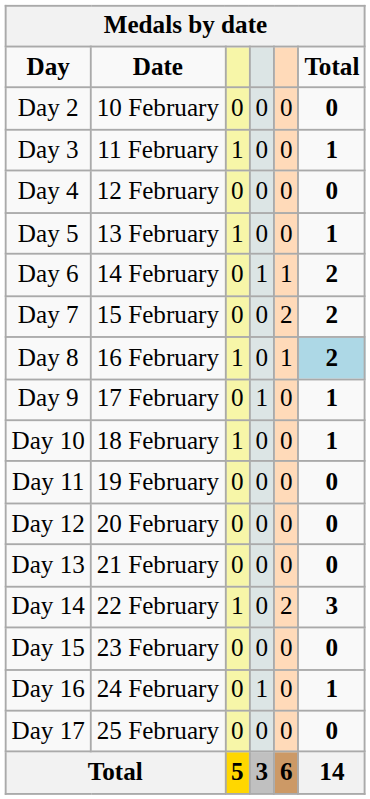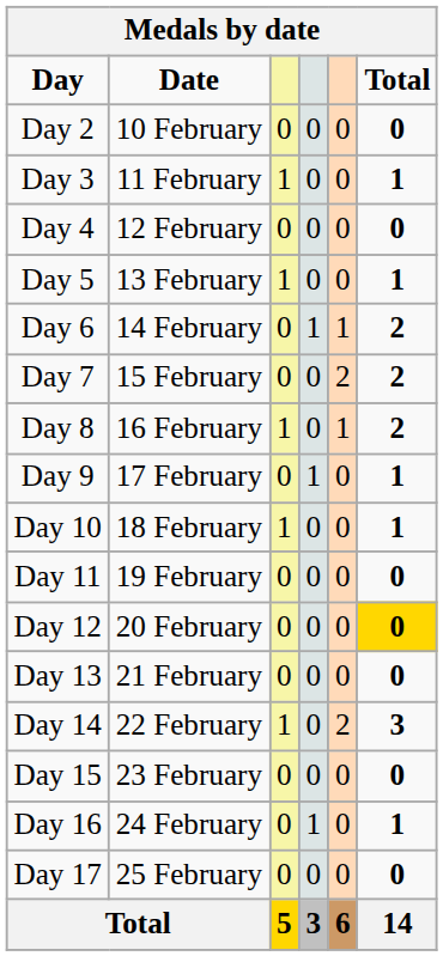 <table class=wikitable style="font-size:85%;float:right">
 <tr bgcolor=efefef>
 <th colspan=6><strong>Medals by date</strong></th>
 </tr>
 <tr align=center>
 <td><strong>Day</strong></td>
 <td><strong>Date</strong></td>
 <td bgcolor=#f7f6a8></td>
 <td bgcolor=#dce5e5></td>
 <td bgcolor=#ffdab9></td>
 <td><strong>Total</strong></td>
 </tr>
 <tr align=center>
 <td>Day 2</td>
 <td>10 February</td>
 <td bgcolor=F7F6A8>0</td>
 <td bgcolor=DCE5E5>0</td>
 <td bgcolor=FFDAB9>0</td>
 <td><strong>0</strong></td>
 </tr>
 <tr align=center>
 <td>Day 3</td>
 <td>11 February</td>
 <td bgcolor=F7F6A8>1</td>
 <td bgcolor=DCE5E5>0</td>
 <td bgcolor=FFDAB9>0</td>
 <td><strong>1</strong></td>
 </tr>
 <tr align=center>
 <td>Day 4</td>
 <td>12 February</td>
 <td bgcolor=F7F6A8>0</td>
 <td bgcolor=DCE5E5>0</td>
 <td bgcolor=FFDAB9>0</td>
 <td><strong>0</strong></td>
 </tr>
 <tr align=center>
 <td>Day 5</td>
 <td>13 February</td>
 <td bgcolor=F7F6A8>1</td>
 <td bgcolor=DCE5E5>0</td>
 <td bgcolor=FFDAB9>0</td>
 <td><strong>1</strong></td>
 </tr>
 <tr align=center>
 <td>Day 6</td>
 <td>14 February</td>
 <td bgcolor=F7F6A8>0</td>
 <td bgcolor=DCE5E5>1</td>
 <td bgcolor=FFDAB9>1</td>
 <td><strong>2</strong></td>
 </tr>
 <tr align=center>
 <td>Day 7</td>
 <td>15 February</td>
 <td bgcolor=F7F6A8>0</td>
 <td bgcolor=DCE5E5>0</td>
 <td bgcolor=FFDAB9>2</td>
 <td><strong>2</strong></td>
 </tr>
 <tr align=center>
 <td>Day 8</td>
 <td>16 February</td>
 <td bgcolor=F7F6A8>1</td>
 <td bgcolor=DCE5E5>0</td>
 <td bgcolor=FFDAB9>1</td>
-<td style="background: lightblue;"><strong>2</strong></td>
+<td><strong>2</strong></td>
 </tr>
 <tr align=center>
 <td>Day 9</td>
 <td>17 February</td>
 <td bgcolor=F7F6A8>0</td>
 <td bgcolor=DCE5E5>1</td>
 <td bgcolor=FFDAB9>0</td>
 <td><strong>1</strong></td>
 </tr>
 <tr align=center>
 <td>Day 10</td>
 <td>18 February</td>
 <td bgcolor=F7F6A8>1</td>
 <td bgcolor=DCE5E5>0</td>
 <td bgcolor=FFDAB9>0</td>
 <td><strong>1</strong></td>
 </tr>
 <tr align=center>
 <td>Day 11</td>
 <td>19 February</td>
 <td bgcolor=F7F6A8>0</td>
 <td bgcolor=DCE5E5>0</td>
 <td bgcolor=FFDAB9>0</td>
 <td><strong>0</strong></td>
 </tr>
 <tr align=center>
 <td>Day 12</td>
 <td>20 February</td>
 <td bgcolor=F7F6A8>0</td>
 <td bgcolor=DCE5E5>0</td>
 <td bgcolor=FFDAB9>0</td>
-<td><strong>0</strong></td>
+<td style="background: gold;"><strong>0</strong></td>
 </tr>
 <tr align=center>
 <td>Day 13</td>
 <td>21 February</td>
 <td bgcolor=F7F6A8>0</td>
 <td bgcolor=DCE5E5>0</td>
 <td bgcolor=FFDAB9>0</td>
 <td><strong>0</strong></td>
 </tr>
 <tr align=center>
 <td>Day 14</td>
 <td>22 February</td>
 <td bgcolor=F7F6A8>1</td>
 <td bgcolor=DCE5E5>0</td>
 <td bgcolor=FFDAB9>2</td>
 <td><strong>3</strong></td>
 </tr>
 <tr align=center>
 <td>Day 15</td>
 <td>23 February</td>
 <td bgcolor=F7F6A8>0</td>
 <td bgcolor=DCE5E5>0</td>
 <td bgcolor=FFDAB9>0</td>
 <td><strong>0</strong></td>
 </tr>
 <tr align=center>
 <td>Day 16</td>
 <td>24 February</td>
 <td bgcolor=F7F6A8>0</td>
 <td bgcolor=DCE5E5>1</td>
 <td bgcolor=FFDAB9>0</td>
 <td><strong>1</strong></td>
 </tr>
 <tr align=center>
 <td>Day 17</td>
 <td>25 February</td>
 <td bgcolor=F7F6A8>0</td>
 <td bgcolor=DCE5E5>0</td>
 <td bgcolor=FFDAB9>0</td>
 <td><strong>0</strong></td>
 </tr>
 <tr>
 <th colspan=2><strong>Total</strong></th>
 <th style="background:gold"><strong>5</strong></th>
 <th style="background:silver"><strong>3</strong></th>
 <th style="background:#c96"><strong>6</strong></th>
 <th><strong>14</strong></th>
 </tr>
 </table>
